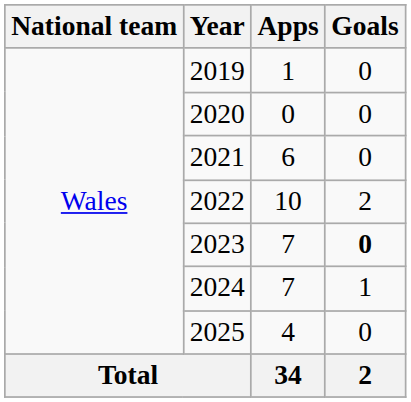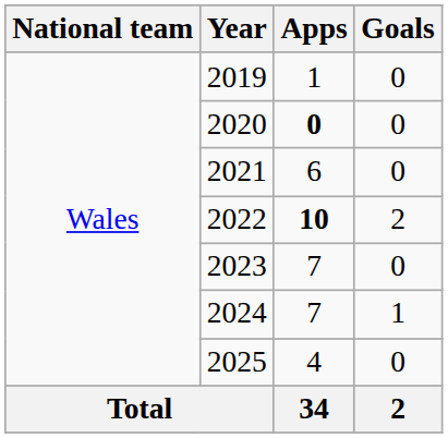 <table class="wikitable" style="text-align:center">
 <tr>
 <th>National team</th>
 <th>Year</th>
 <th>Apps</th>
 <th>Goals</th>
 </tr>
 <tr>
 <td rowspan="7"><a href='#'>Wales</a></td>
 <td>2019</td>
 <td>1</td>
 <td>0</td>
 </tr>
 <tr>
 <td>2020</td>
-<td>0</td>
+<td><strong>0</strong></td>
 <td>0</td>
 </tr>
 <tr>
 <td>2021</td>
 <td>6</td>
 <td>0</td>
 </tr>
 <tr>
 <td>2022</td>
-<td>10</td>
+<td><strong>10</strong></td>
 <td>2</td>
 </tr>
 <tr>
 <td>2023</td>
 <td>7</td>
-<td><strong>0</strong></td>
+<td>0</td>
 </tr>
 <tr>
 <td>2024</td>
 <td>7</td>
 <td>1</td>
 </tr>
 <tr>
 <td>2025</td>
 <td>4</td>
 <td>0</td>
 </tr>
 <tr>
 <th colspan="2">Total</th>
 <th>34</th>
 <th>2</th>
 </tr>
 </table>
